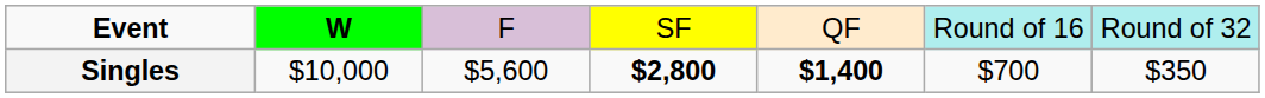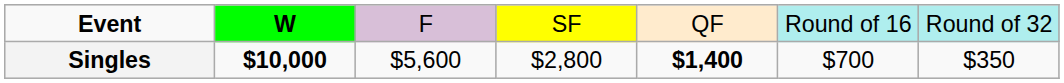 <table class=wikitable style=font-size:95%;text-align:center>
 <tr>
 <td style="width:130px"><strong>Event</strong></td>
 <td style="width:85px; background:lime"><strong>W</strong></td>
 <td style="width:85px; background:thistle">F</td>
 <td style="width:85px; background:#ffff00">SF</td>
 <td style="width:85px; background:#ffebcd">QF</td>
 <td style="width:85px; background:#afeeee">Round of 16</td>
 <td style="width:85px; background:#afeeee">Round of 32</td>
 </tr>
 <tr>
 <th style=background:#f3f3f3>Singles </th>
-<td>$10,000</td>
+<td><strong>$10,000</strong></td>
 <td>$5,600</td>
-<td><strong>$2,800</strong></td>
+<td>$2,800</td>
 <td><strong>$1,400</strong></td>
 <td>$700</td>
 <td>$350</td>
 </tr>
 </table>
